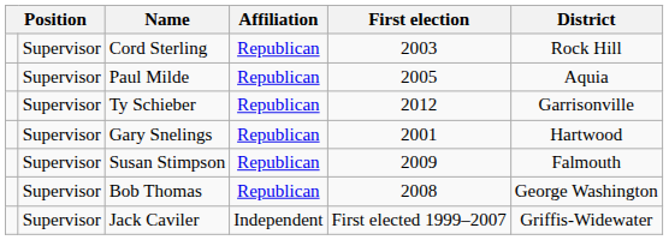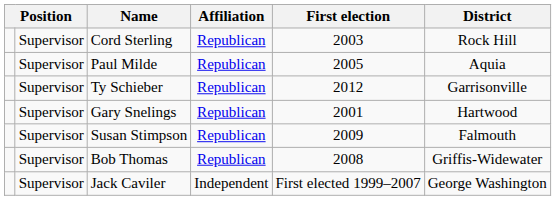 <table class=wikitable>
 <tr>
 <th colspan=2 align=center valign=bottom>Position</th>
 <th style="text-align:center;">Name</th>
 <th valign=bottom>Affiliation</th>
 <th valign=bottom align=center>First election</th>
 <th valign=bottom align=center>District</th>
 </tr>
 <tr>
 <td style="background-color:"> </td>
 <td>Supervisor</td>
 <td>Cord Sterling</td>
 <td style="text-align:center;"><a href='#'>Republican</a></td>
 <td style="text-align:center;">2003</td>
 <td style="text-align:center;">Rock Hill</td>
 </tr>
 <tr>
 <td style="background-color:"> </td>
 <td>Supervisor</td>
 <td>Paul Milde</td>
 <td style="text-align:center;"><a href='#'>Republican</a></td>
 <td style="text-align:center;">2005</td>
 <td style="text-align:center;">Aquia</td>
 </tr>
 <tr>
 <td style="background-color:"> </td>
 <td>Supervisor</td>
 <td>Ty Schieber</td>
 <td style="text-align:center;"><a href='#'>Republican</a></td>
 <td style="text-align:center;">2012</td>
 <td style="text-align:center;">Garrisonville</td>
 </tr>
 <tr>
 <td style="background-color:"> </td>
 <td>Supervisor</td>
 <td>Gary Snelings</td>
 <td style="text-align:center;"><a href='#'>Republican</a></td>
 <td style="text-align:center;">2001</td>
 <td style="text-align:center;">Hartwood</td>
 </tr>
 <tr>
 <td style="background-color:"> </td>
 <td>Supervisor</td>
 <td>Susan Stimpson</td>
 <td style="text-align:center;"><a href='#'>Republican</a></td>
 <td style="text-align:center;">2009</td>
 <td style="text-align:center;">Falmouth</td>
 </tr>
 <tr>
 <td style="background-color:"> </td>
 <td>Supervisor</td>
 <td>Bob Thomas</td>
 <td style="text-align:center;"><a href='#'>Republican</a></td>
 <td style="text-align:center;">2008</td>
-<td style="text-align:center;">George Washington</td>
+<td style="text-align:center;">Griffis-Widewater</td>
 </tr>
 <tr>
 <td style="background-color:"> </td>
 <td>Supervisor</td>
 <td>Jack Caviler</td>
 <td style="text-align:center;">Independent</td>
 <td style="text-align:center;">First elected 1999–2007</td>
-<td style="text-align:center;">Griffis-Widewater</td>
+<td style="text-align:center;">George Washington</td>
 </tr>
 </table>
